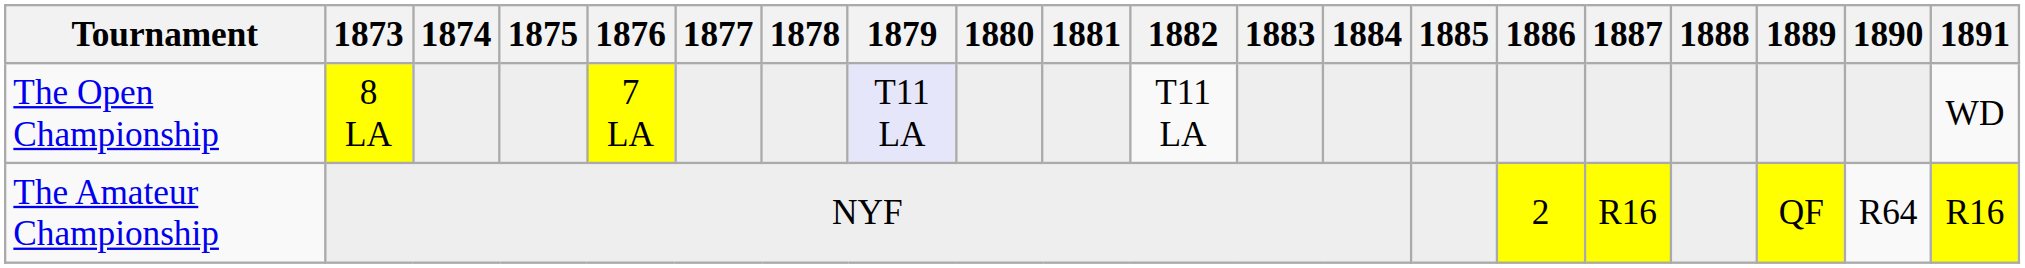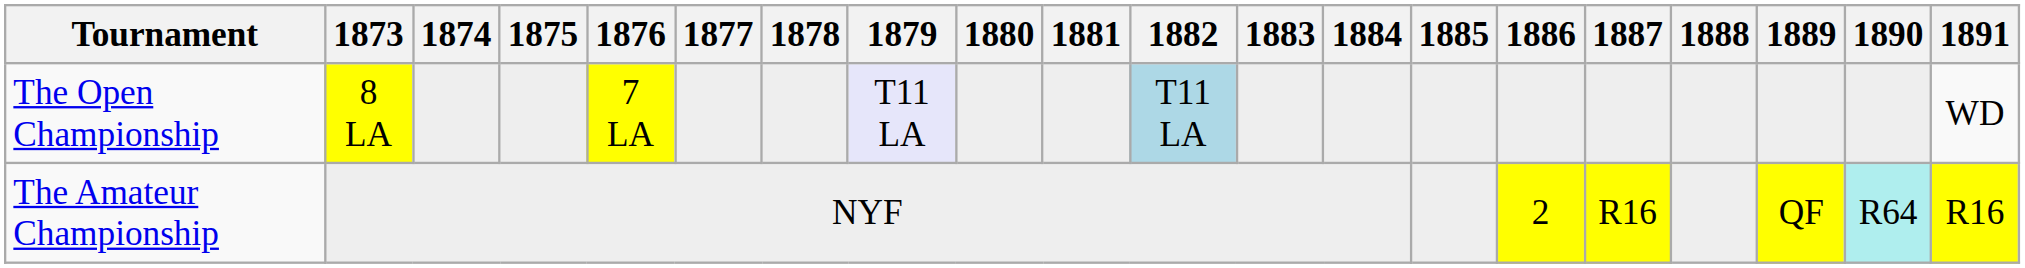 <table class="wikitable" style="font-size:95%;text-align:center;">
 <tr>
 <th>Tournament</th>
 <th>1873</th>
 <th>1874</th>
 <th>1875</th>
 <th>1876</th>
 <th>1877</th>
 <th>1878</th>
 <th>1879</th>
 <th>1880</th>
 <th>1881</th>
 <th>1882</th>
 <th>1883</th>
 <th>1884</th>
 <th>1885</th>
 <th>1886</th>
 <th>1887</th>
 <th>1888</th>
 <th>1889</th>
 <th>1890</th>
 <th>1891</th>
 </tr>
 <tr>
 <td align="left"><a href='#'>The Open Championship</a></td>
 <td style="background:yellow;">8 <span>LA</span></td>
 <td style="background:#eeeeee;"></td>
 <td style="background:#eeeeee;"></td>
 <td style="background:yellow;">7 <span>LA</span></td>
 <td style="background:#eeeeee;"></td>
 <td style="background:#eeeeee;"></td>
 <td style="background: lavender;">T11 <span>LA</span></td>
 <td style="background:#eeeeee;"></td>
 <td style="background:#eeeeee;"></td>
-<td>T11 <span>LA</span></td>
+<td style="background: lightblue;">T11 <span>LA</span></td>
 <td style="background:#eeeeee;"></td>
 <td style="background:#eeeeee;"></td>
 <td style="background:#eeeeee;"></td>
 <td style="background:#eeeeee;"></td>
 <td style="background:#eeeeee;"></td>
 <td style="background:#eeeeee;"></td>
 <td style="background:#eeeeee;"></td>
 <td style="background:#eeeeee;"></td>
 <td>WD</td>
 </tr>
 <tr>
 <td align="left"><a href='#'>The Amateur Championship</a></td>
 <td colspan=12 style="background:#eeeeee;">NYF</td>
 <td style="background:#eeeeee;"></td>
 <td style="background:yellow;">2</td>
 <td style="background:yellow;">R16</td>
 <td style="background:#eeeeee;"></td>
 <td style="background:yellow;">QF</td>
-<td>R64</td>
+<td style="background: paleturquoise;">R64</td>
 <td style="background:yellow;">R16</td>
 </tr>
 </table>
